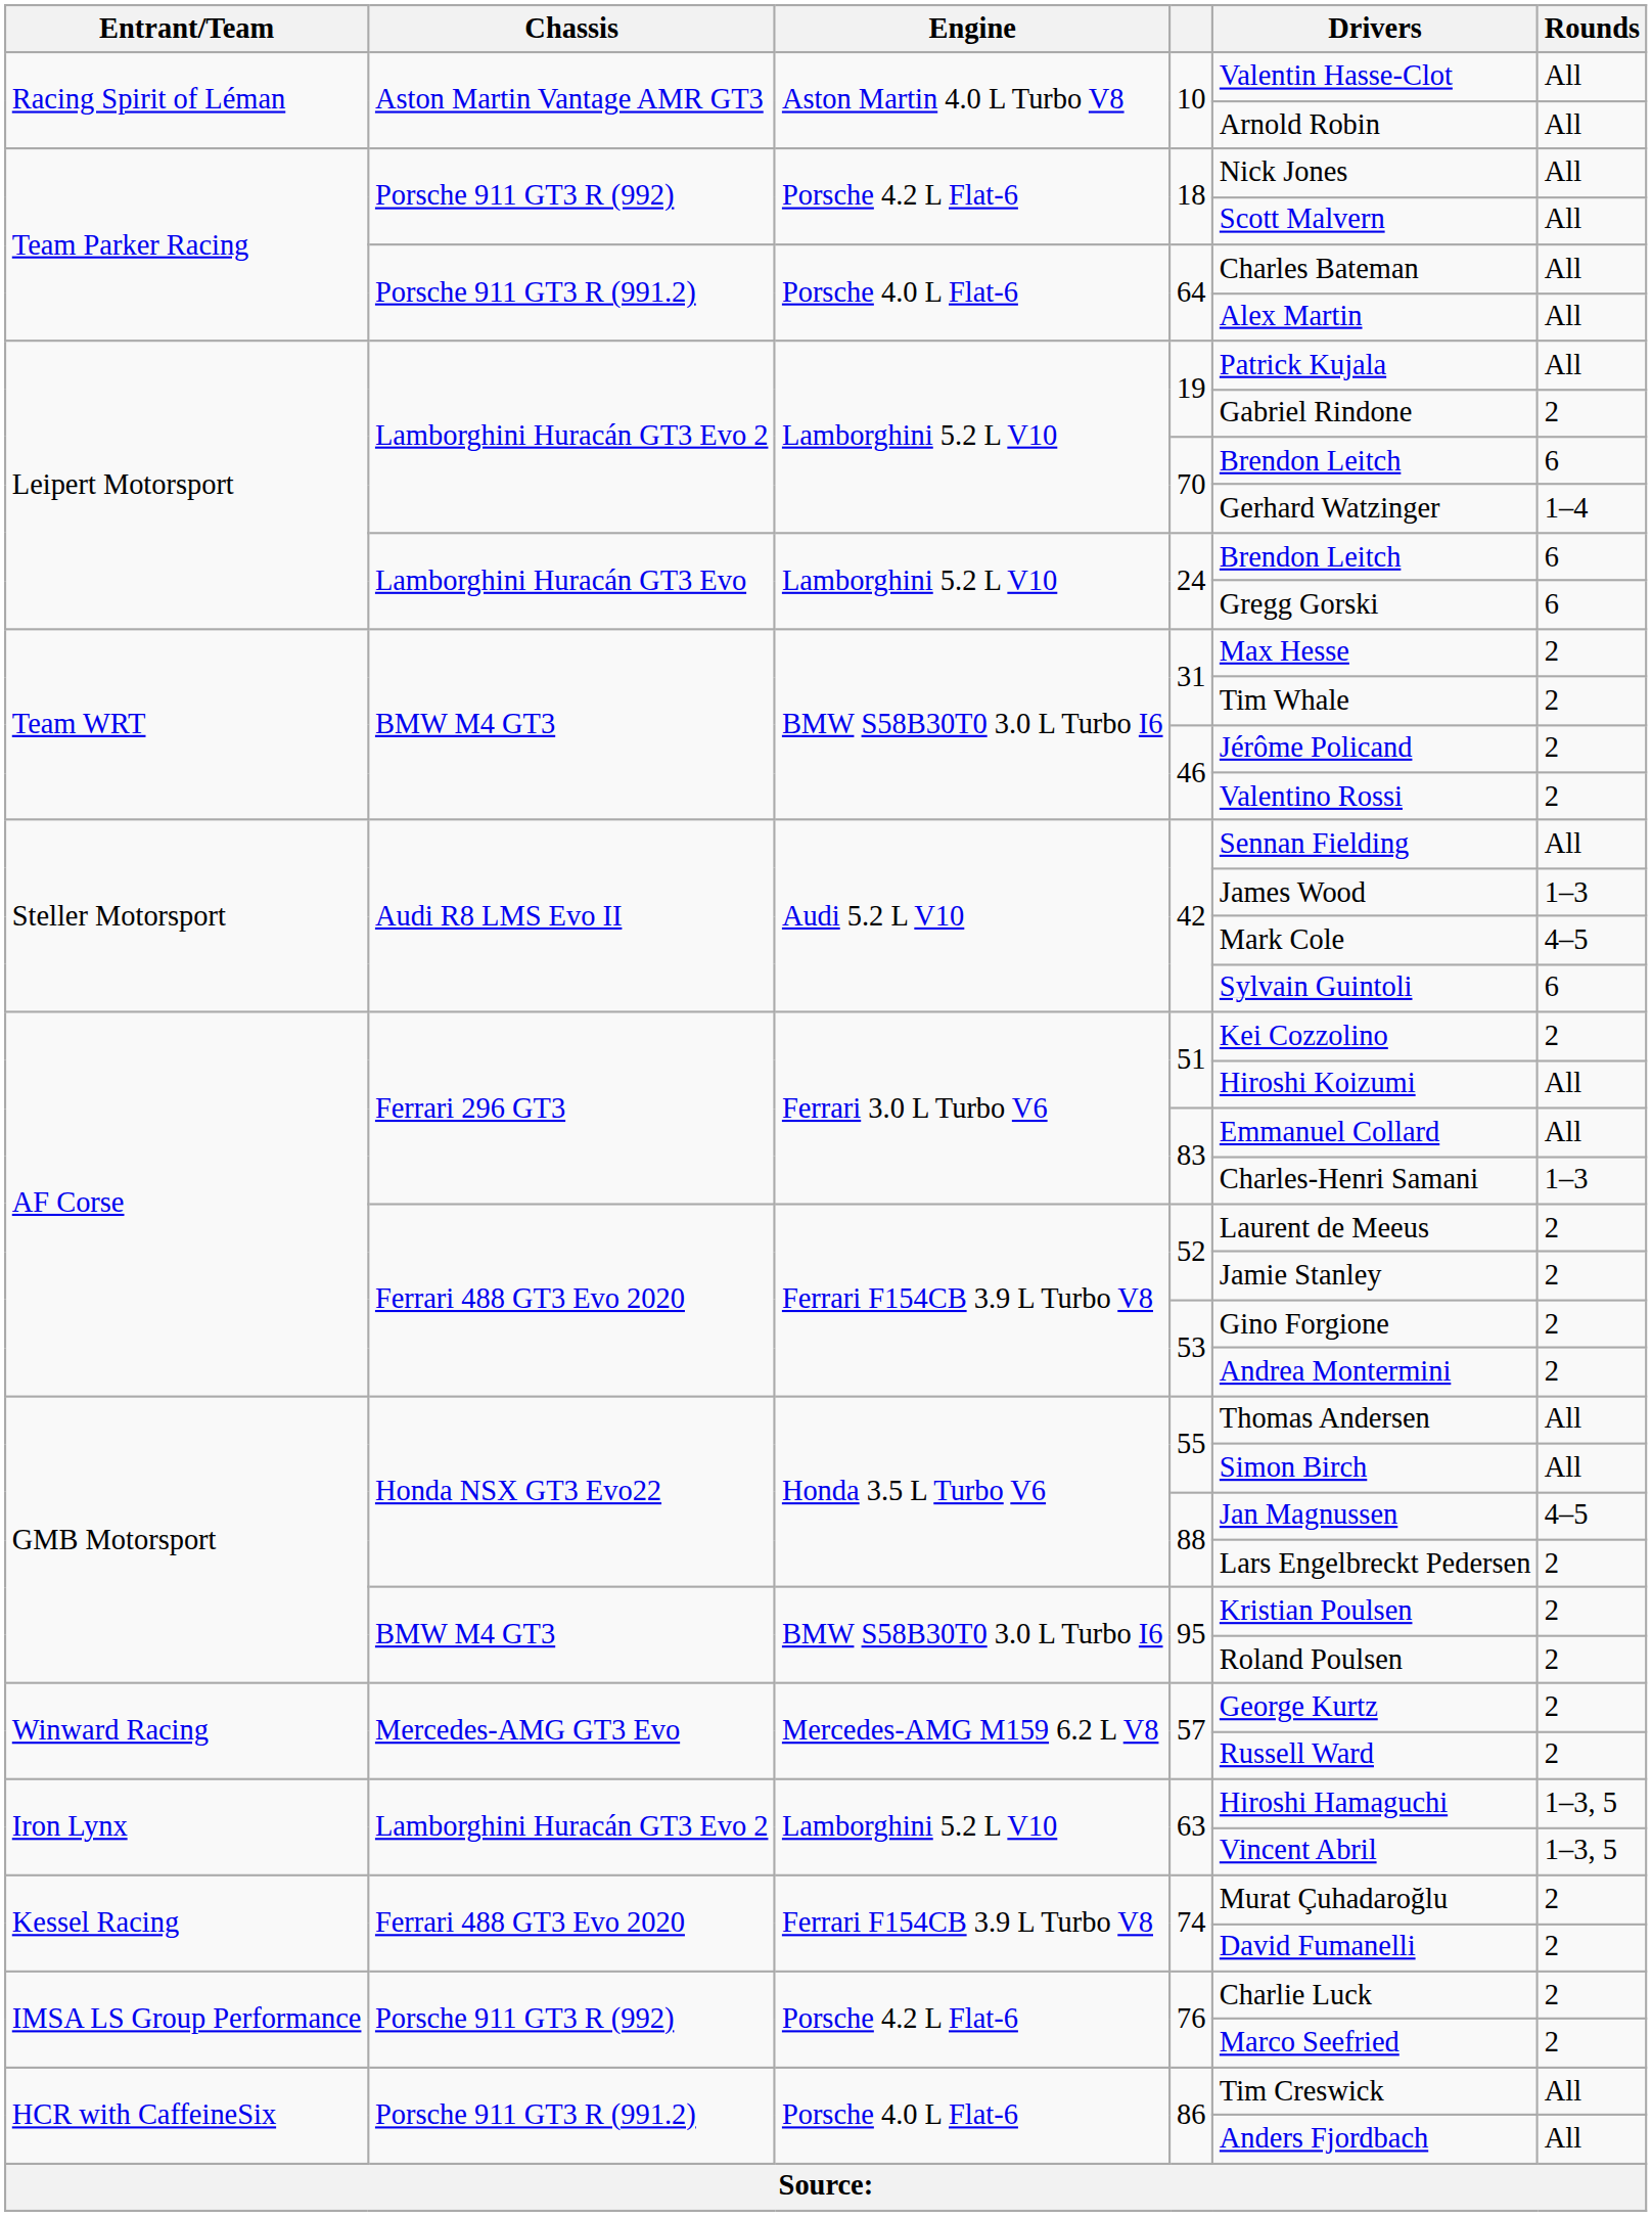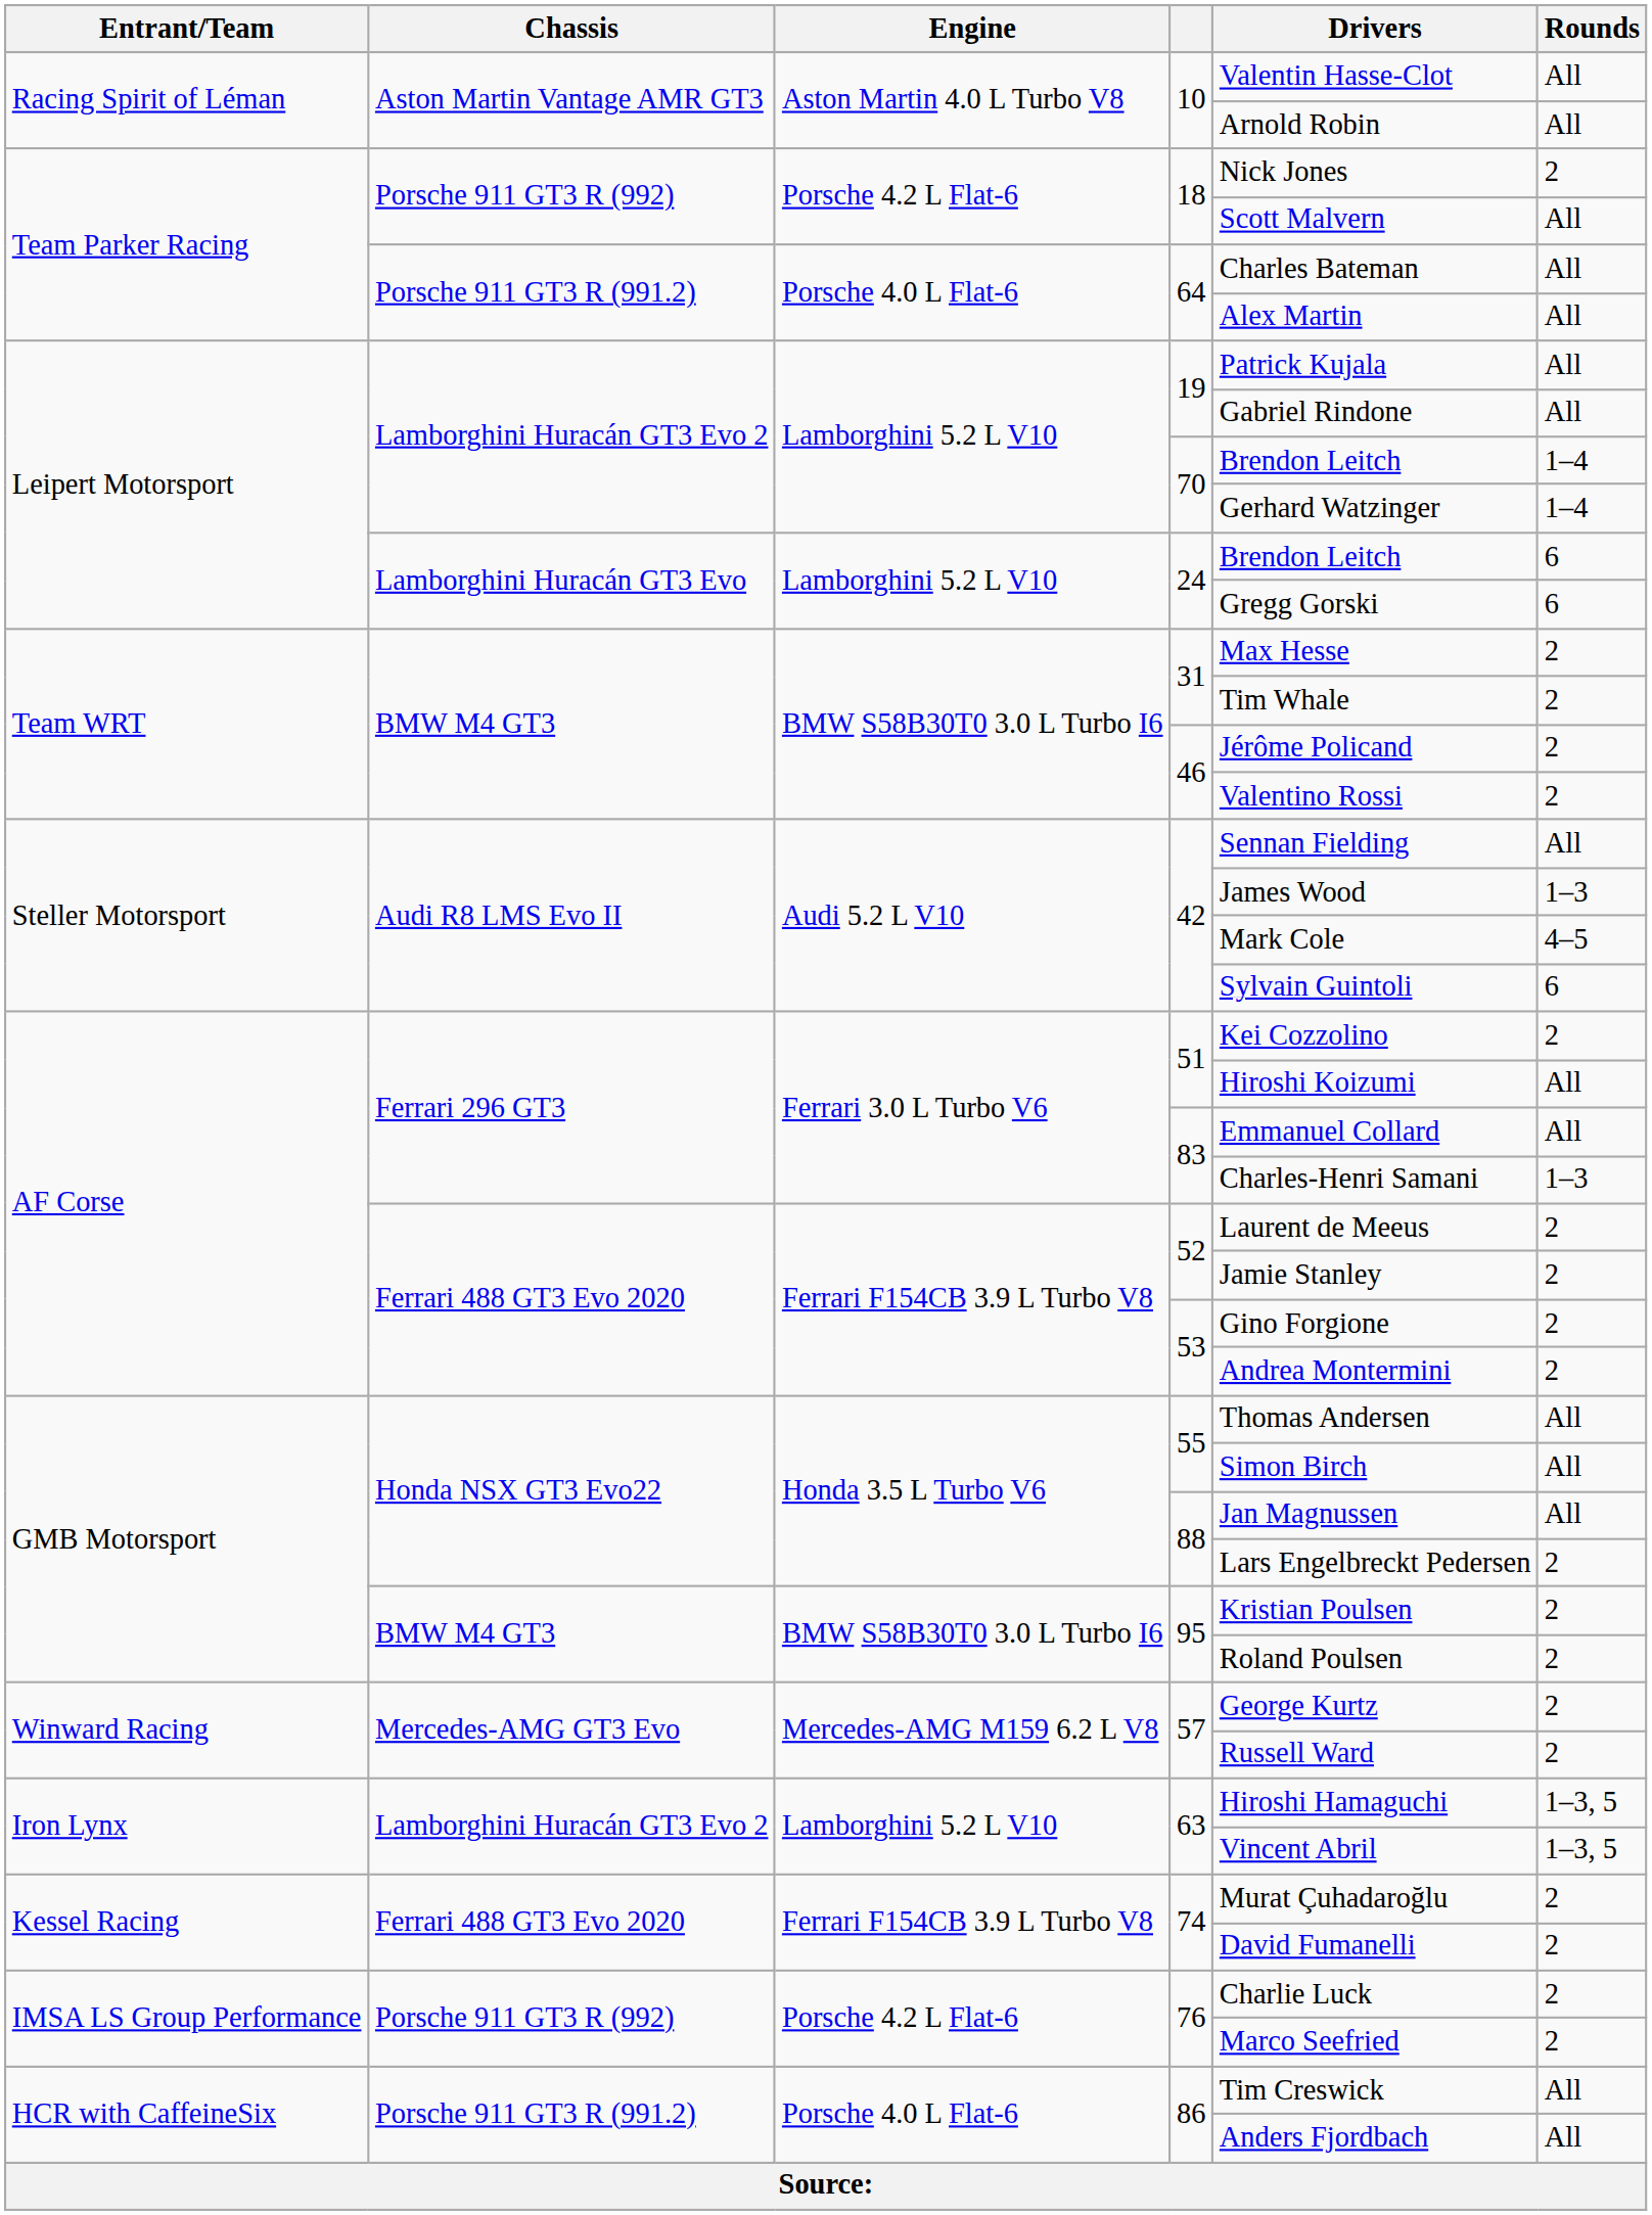 <table class="wikitable" style="font-size: 85%;">
 <tr>
 <th>Entrant/Team</th>
 <th>Chassis</th>
 <th>Engine</th>
 <th></th>
 <th>Drivers</th>
 <th>Rounds</th>
 </tr>
 <tr>
 <td rowspan=2> <a href='#'>Racing Spirit of Léman</a></td>
 <td rowspan=2><a href='#'>Aston Martin Vantage AMR GT3</a></td>
 <td rowspan=2><a href='#'>Aston Martin</a> 4.0 L Turbo <a href='#'>V8</a></td>
 <td rowspan=2 align=center>10</td>
 <td> <a href='#'>Valentin Hasse-Clot</a></td>
 <td>All</td>
 </tr>
 <tr>
 <td> Arnold Robin</td>
 <td>All</td>
 </tr>
 <tr>
 <td rowspan=4> <a href='#'>Team Parker Racing</a></td>
 <td rowspan=2><a href='#'>Porsche 911 GT3 R (992)</a></td>
 <td rowspan=2><a href='#'>Porsche</a> 4.2 L <a href='#'>Flat-6</a></td>
 <td rowspan=2 align=center>18</td>
 <td> Nick Jones</td>
-<td>All</td>
+<td>2</td>
 </tr>
 <tr>
 <td> <a href='#'>Scott Malvern</a></td>
 <td>All</td>
 </tr>
 <tr>
 <td rowspan=2><a href='#'>Porsche 911 GT3 R (991.2)</a></td>
 <td rowspan=2><a href='#'>Porsche</a> 4.0 L <a href='#'>Flat-6</a></td>
 <td rowspan=2 align=center>64</td>
 <td> Charles Bateman</td>
 <td>All</td>
 </tr>
 <tr>
 <td> <a href='#'>Alex Martin</a></td>
 <td>All</td>
 </tr>
 <tr>
 <td rowspan=6> Leipert Motorsport</td>
 <td rowspan=4><a href='#'>Lamborghini Huracán GT3 Evo 2</a></td>
 <td rowspan=4><a href='#'>Lamborghini</a> 5.2 L <a href='#'>V10</a></td>
 <td rowspan=2 align=center>19</td>
 <td> <a href='#'>Patrick Kujala</a></td>
 <td>All</td>
 </tr>
 <tr>
 <td> Gabriel Rindone</td>
-<td>2</td>
+<td>All</td>
 </tr>
 <tr>
 <td rowspan=2 align=center>70</td>
 <td> <a href='#'>Brendon Leitch</a></td>
-<td>6</td>
+<td>1–4</td>
 </tr>
 <tr>
 <td> Gerhard Watzinger</td>
 <td>1–4</td>
 </tr>
 <tr>
 <td rowspan="2"><a href='#'>Lamborghini Huracán GT3 Evo</a></td>
 <td rowspan="2"><a href='#'>Lamborghini</a> 5.2 L <a href='#'>V10</a></td>
 <td rowspan="2" align="center">24</td>
 <td> <a href='#'>Brendon Leitch</a></td>
 <td>6</td>
 </tr>
 <tr>
 <td> Gregg Gorski</td>
 <td>6</td>
 </tr>
 <tr>
 <td rowspan=4> <a href='#'>Team WRT</a></td>
 <td rowspan=4><a href='#'>BMW M4 GT3</a></td>
 <td rowspan=4><a href='#'>BMW</a> <a href='#'>S58B30T0</a> 3.0 L Turbo <a href='#'>I6</a></td>
 <td rowspan=2 align=center>31</td>
 <td> <a href='#'>Max Hesse</a></td>
 <td>2</td>
 </tr>
 <tr>
 <td> Tim Whale</td>
 <td>2</td>
 </tr>
 <tr>
 <td rowspan=2 align=center>46</td>
 <td> <a href='#'>Jérôme Policand</a></td>
 <td>2</td>
 </tr>
 <tr>
 <td> <a href='#'>Valentino Rossi</a></td>
 <td>2</td>
 </tr>
 <tr>
 <td rowspan=4> Steller Motorsport</td>
 <td rowspan=4><a href='#'>Audi R8 LMS Evo II</a></td>
 <td rowspan=4><a href='#'>Audi</a> 5.2 L <a href='#'>V10</a></td>
 <td rowspan=4 align=center>42</td>
 <td> <a href='#'>Sennan Fielding</a></td>
 <td>All</td>
 </tr>
 <tr>
 <td> James Wood</td>
 <td>1–3</td>
 </tr>
 <tr>
 <td> Mark Cole</td>
 <td>4–5</td>
 </tr>
 <tr>
 <td> <a href='#'>Sylvain Guintoli</a></td>
 <td>6</td>
 </tr>
 <tr>
 <td rowspan=8> <a href='#'>AF Corse</a></td>
 <td rowspan=4><a href='#'>Ferrari 296 GT3</a></td>
 <td rowspan=4><a href='#'>Ferrari</a> 3.0 L Turbo <a href='#'>V6</a></td>
 <td rowspan=2 align=center>51</td>
 <td> <a href='#'>Kei Cozzolino</a></td>
 <td>2</td>
 </tr>
 <tr>
 <td> <a href='#'>Hiroshi Koizumi</a></td>
 <td>All</td>
 </tr>
 <tr>
 <td rowspan=2 align=center>83</td>
 <td> <a href='#'>Emmanuel Collard</a></td>
 <td>All</td>
 </tr>
 <tr>
 <td> Charles-Henri Samani</td>
 <td>1–3</td>
 </tr>
 <tr>
 <td rowspan=4><a href='#'>Ferrari 488 GT3 Evo 2020</a></td>
 <td rowspan=4><a href='#'>Ferrari F154CB</a> 3.9 L Turbo <a href='#'>V8</a></td>
 <td rowspan=2 align=center>52</td>
 <td> Laurent de Meeus</td>
 <td>2</td>
 </tr>
 <tr>
 <td> Jamie Stanley</td>
 <td>2</td>
 </tr>
 <tr>
 <td rowspan=2 align=center>53</td>
 <td> Gino Forgione</td>
 <td>2</td>
 </tr>
 <tr>
 <td> <a href='#'>Andrea Montermini</a></td>
 <td>2</td>
 </tr>
 <tr>
 <td rowspan=6> GMB Motorsport</td>
 <td rowspan=4><a href='#'>Honda NSX GT3 Evo22</a></td>
 <td rowspan=4><a href='#'>Honda</a> 3.5 L <a href='#'>Turbo</a> <a href='#'>V6</a></td>
 <td rowspan=2 align=center>55</td>
 <td> Thomas Andersen</td>
 <td>All</td>
 </tr>
 <tr>
 <td> <a href='#'>Simon Birch</a></td>
 <td>All</td>
 </tr>
 <tr>
 <td rowspan=2 align=center>88</td>
 <td> <a href='#'>Jan Magnussen</a></td>
-<td>4–5</td>
+<td>All</td>
 </tr>
 <tr>
 <td> Lars Engelbreckt Pedersen</td>
 <td>2</td>
 </tr>
 <tr>
 <td rowspan=2><a href='#'>BMW M4 GT3</a></td>
 <td rowspan=2><a href='#'>BMW</a> <a href='#'>S58B30T0</a> 3.0 L Turbo <a href='#'>I6</a></td>
 <td rowspan=2 align=center>95</td>
 <td> <a href='#'>Kristian Poulsen</a></td>
 <td>2</td>
 </tr>
 <tr>
 <td> Roland Poulsen</td>
 <td>2</td>
 </tr>
 <tr>
 <td rowspan=2> <a href='#'>Winward Racing</a></td>
 <td rowspan=2><a href='#'>Mercedes-AMG GT3 Evo</a></td>
 <td rowspan=2><a href='#'>Mercedes-AMG M159</a> 6.2 L <a href='#'>V8</a></td>
 <td rowspan=2 align=center>57</td>
 <td> <a href='#'>George Kurtz</a></td>
 <td>2</td>
 </tr>
 <tr>
 <td> <a href='#'>Russell Ward</a></td>
 <td>2</td>
 </tr>
 <tr>
 <td rowspan=2> <a href='#'>Iron Lynx</a></td>
 <td rowspan=2><a href='#'>Lamborghini Huracán GT3 Evo 2</a></td>
 <td rowspan=2><a href='#'>Lamborghini</a> 5.2 L <a href='#'>V10</a></td>
 <td rowspan=2 align=center>63</td>
 <td> <a href='#'>Hiroshi Hamaguchi</a></td>
 <td>1–3, 5</td>
 </tr>
 <tr>
 <td> <a href='#'>Vincent Abril</a></td>
 <td>1–3, 5</td>
 </tr>
 <tr>
 <td rowspan=2> <a href='#'>Kessel Racing</a></td>
 <td rowspan=2><a href='#'>Ferrari 488 GT3 Evo 2020</a></td>
 <td rowspan=2><a href='#'>Ferrari F154CB</a> 3.9 L Turbo <a href='#'>V8</a></td>
 <td rowspan=2 align=center>74</td>
 <td> Murat Çuhadaroğlu</td>
 <td>2</td>
 </tr>
 <tr>
 <td> <a href='#'>David Fumanelli</a></td>
 <td>2</td>
 </tr>
 <tr>
 <td rowspan=2> <a href='#'>IMSA LS Group Performance</a></td>
 <td rowspan=2><a href='#'>Porsche 911 GT3 R (992)</a></td>
 <td rowspan=2><a href='#'>Porsche</a> 4.2 L <a href='#'>Flat-6</a></td>
 <td rowspan=2 align=center>76</td>
 <td> Charlie Luck</td>
 <td>2</td>
 </tr>
 <tr>
 <td> <a href='#'>Marco Seefried</a></td>
 <td>2</td>
 </tr>
 <tr>
 <td rowspan=2> <a href='#'>HCR with CaffeineSix</a></td>
 <td rowspan=2><a href='#'>Porsche 911 GT3 R (991.2)</a></td>
 <td rowspan=2><a href='#'>Porsche</a> 4.0 L <a href='#'>Flat-6</a></td>
 <td rowspan=2 align=center>86</td>
 <td> Tim Creswick</td>
 <td>All</td>
 </tr>
 <tr>
 <td> <a href='#'>Anders Fjordbach</a></td>
 <td>All</td>
 </tr>
 <tr>
 <th colspan=6>Source:</th>
 </tr>
 </table>
